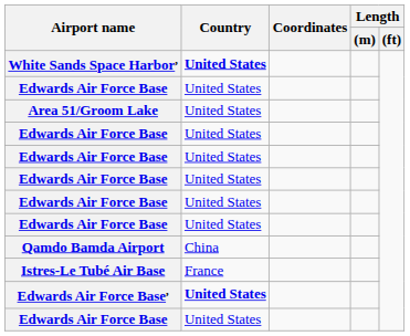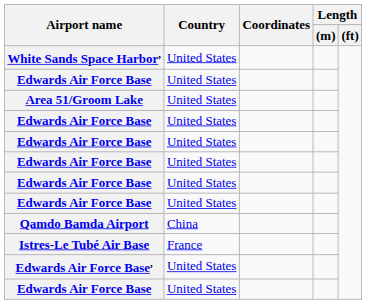 <table class="wikitable sortable plainrowheaders static-row-numbers">
 <tr>
 <th scope="col" rowspan=2>Airport name</th>
 <th scope="col" rowspan=2>Country</th>
 <th scope="col" rowspan=2 class="unsortable">Coordinates</th>
 <th scope="col" colspan=2>Length</th>
 </tr>
 <tr class="static-row-header">
 <th scope="col">(m)</th>
 <th scope="col">(ft)</th>
 </tr>
 <tr>
 <th scope="row"><a href='#'>White Sands Space Harbor</a><sup>,</sup> </th>
-<td><strong><a href='#'>United States</a></strong></td>
+<td><a href='#'>United States</a></td>
 <td></td>
 <td></td>
 </tr>
 <tr>
 <th scope="row"><a href='#'>Edwards Air Force Base</a></th>
 <td><a href='#'>United States</a></td>
 <td></td>
 <td></td>
 </tr>
 <tr>
 <th scope="row"><a href='#'>Area 51/Groom Lake</a></th>
 <td><a href='#'>United States</a></td>
 <td></td>
 <td></td>
 </tr>
 <tr>
 <th scope="row"><a href='#'>Edwards Air Force Base</a></th>
 <td><a href='#'>United States</a></td>
 <td></td>
 <td></td>
 </tr>
 <tr>
 <th scope="row"><a href='#'>Edwards Air Force Base</a></th>
 <td><a href='#'>United States</a></td>
 <td></td>
 <td></td>
 </tr>
 <tr>
 <th scope="row"><a href='#'>Edwards Air Force Base</a></th>
 <td><a href='#'>United States</a></td>
 <td></td>
 <td></td>
 </tr>
 <tr>
 <th scope="row"><a href='#'>Edwards Air Force Base</a></th>
 <td><a href='#'>United States</a></td>
 <td></td>
 <td></td>
 </tr>
 <tr>
 <th scope="row"><a href='#'>Edwards Air Force Base</a></th>
 <td><a href='#'>United States</a></td>
 <td></td>
 <td></td>
 </tr>
 <tr>
 <th scope="row"><a href='#'>Qamdo Bamda Airport</a></th>
 <td><a href='#'>China</a></td>
 <td></td>
 <td></td>
 </tr>
 <tr>
 <th scope="row"><a href='#'>Istres-Le Tubé Air Base</a></th>
 <td><a href='#'>France</a></td>
 <td></td>
 <td></td>
 </tr>
 <tr>
 <th scope="row"><a href='#'>Edwards Air Force Base</a><sup>,</sup> </th>
-<td><strong><a href='#'>United States</a></strong></td>
+<td><a href='#'>United States</a></td>
 <td></td>
 <td></td>
 </tr>
 <tr>
 <th scope="row"><a href='#'>Edwards Air Force Base</a></th>
 <td><a href='#'>United States</a></td>
 <td></td>
 <td></td>
 </tr>
 </table>
